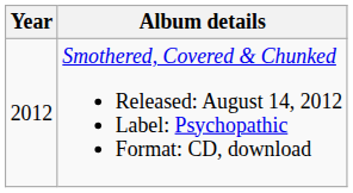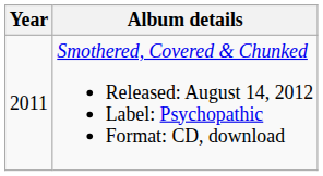 <table class="wikitable" style="text-align:center;">
 <tr>
 <th>Year</th>
 <th>Album details</th>
 </tr>
 <tr>
-<td>2012</td>
+<td>2011</td>
 <td style="text-align:left"><em><a href='#'>Smothered, Covered & Chunked</a></em><br><ul><li>Released: August 14, 2012</li><li>Label: <a href='#'>Psychopathic</a></li><li>Format: CD, download</li></ul></td>
 </tr>
 </table>
